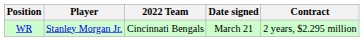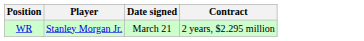 <table class="wikitable" style="text-align:center">
 <tr>
 <th>Position</th>
 <th>Player</th>
-<th>2022 Team</th>
 <th>Date signed</th>
 <th>Contract</th>
 </tr>
 <tr style="background:#cfc;">
 <td><a href='#'>WR</a></td>
 <td><a href='#'>Stanley Morgan Jr.</a></td>
-<td>Cincinnati Bengals</td>
 <td>March 21</td>
 <td>2 years, $2.295 million</td>
 </tr>
 </table>
